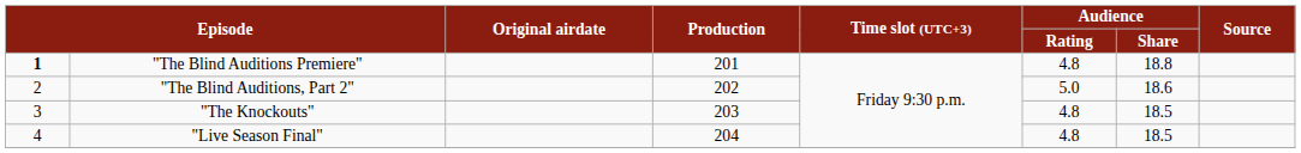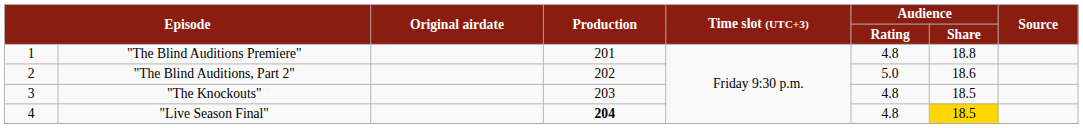 <table class="wikitable" style="text-align:center; line-height:16px; width:100%;">
 <tr>
 <th style="background:#8b1c10; color:white;" colspan=2 rowspan=2>Episode</th>
 <th style="background:#8b1c10; color:white;" rowspan=2>Original airdate</th>
 <th style="background:#8b1c10; color:white;" rowspan=2>Production</th>
 <th style="background:#8b1c10; color:white;" rowspan=2>Time slot <small>(UTC+3)</small></th>
 <th style="background:#8b1c10; color:white;" colspan=2>Audience</th>
 <th style="background:#8b1c10; color:white;" rowspan=2>Source</th>
 </tr>
 <tr>
 <th style="background:#8b1c10; color:white;">Rating</th>
 <th style="background:#8b1c10; color:white;">Share</th>
 </tr>
 <tr>
-<td style="width:05%;"><strong>1</strong></td>
+<td style="width:05%;">1</td>
 <td>"The Blind Auditions Premiere"</td>
 <td></td>
 <td>201</td>
 <td rowspan=4>Friday 9:30 p.m.</td>
 <td>4.8</td>
 <td>18.8</td>
 <td></td>
 </tr>
 <tr>
 <td style="width:05%;">2</td>
 <td>"The Blind Auditions, Part 2"</td>
 <td></td>
 <td>202</td>
 <td>5.0</td>
 <td>18.6</td>
 <td></td>
 </tr>
 <tr>
 <td style="width:05%;">3</td>
 <td>"The Knockouts"</td>
 <td></td>
 <td>203</td>
 <td>4.8</td>
 <td>18.5</td>
 <td></td>
 </tr>
 <tr>
 <td style="width:05%;">4</td>
 <td>"Live Season Final"</td>
 <td></td>
-<td>204</td>
+<td><strong>204</strong></td>
 <td>4.8</td>
-<td>18.5</td>
+<td style="background: gold;">18.5</td>
 <td></td>
 </tr>
 <tr>
 </tr>
 </table>
